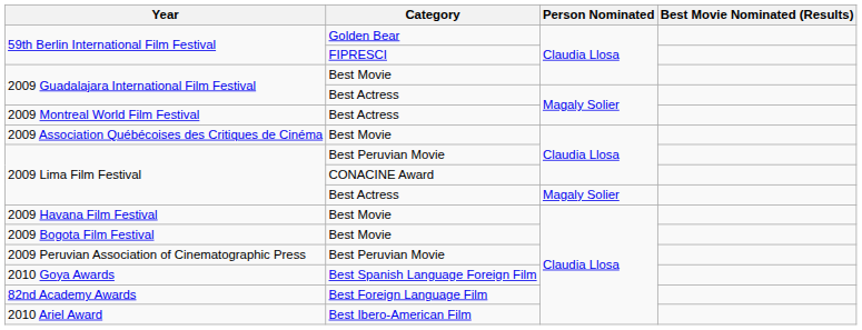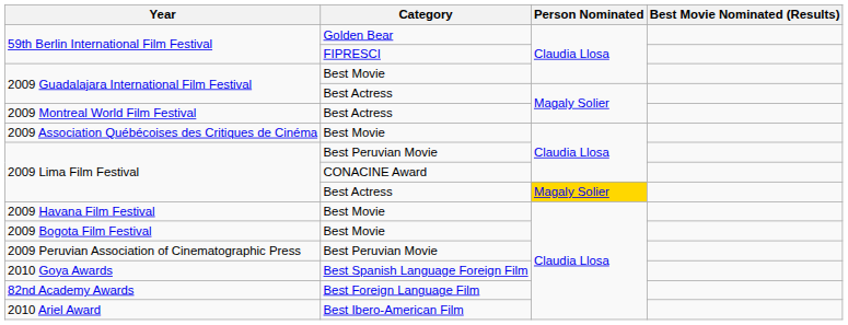 <table class="wikitable" style="font-size:90%;">
 <tr>
 <th>Year</th>
 <th>Category</th>
 <th>Person Nominated</th>
 <th>Best Movie Nominated (Results)</th>
 </tr>
 <tr>
 <td rowspan="2"><a href='#'>59th Berlin International Film Festival</a></td>
 <td><a href='#'>Golden Bear</a></td>
 <td rowspan="3"><a href='#'>Claudia Llosa</a></td>
 <td></td>
 </tr>
 <tr>
 <td><a href='#'>FIPRESCI</a></td>
 <td></td>
 </tr>
 <tr>
 <td rowspan="2">2009 <a href='#'>Guadalajara International Film Festival</a></td>
 <td>Best Movie</td>
 <td></td>
 </tr>
 <tr>
 <td>Best Actress</td>
 <td rowspan="2"><a href='#'>Magaly Solier</a></td>
 <td></td>
 </tr>
 <tr>
 <td>2009 <a href='#'>Montreal World Film Festival</a></td>
 <td>Best Actress</td>
 <td></td>
 </tr>
 <tr>
 <td>2009 <a href='#'>Association Québécoises des Critiques de Cinéma</a></td>
 <td>Best Movie</td>
 <td rowspan="3"><a href='#'>Claudia Llosa</a></td>
 <td></td>
 </tr>
 <tr>
 <td rowspan="3">2009 Lima Film Festival</td>
 <td>Best Peruvian Movie</td>
 <td></td>
 </tr>
 <tr>
 <td>CONACINE Award</td>
 <td></td>
 </tr>
 <tr>
 <td>Best Actress</td>
-<td><a href='#'>Magaly Solier</a></td>
+<td style="background: gold;"><a href='#'>Magaly Solier</a></td>
 <td></td>
 </tr>
 <tr>
 <td>2009 <a href='#'>Havana Film Festival</a></td>
 <td>Best Movie</td>
 <td rowspan="6"><a href='#'>Claudia Llosa</a></td>
 <td></td>
 </tr>
 <tr>
 <td>2009 <a href='#'>Bogota Film Festival</a></td>
 <td>Best Movie</td>
 <td></td>
 </tr>
 <tr>
 <td>2009 Peruvian Association of Cinematographic Press</td>
 <td>Best Peruvian Movie</td>
 <td></td>
 </tr>
 <tr>
 <td>2010 <a href='#'>Goya Awards</a></td>
 <td><a href='#'>Best Spanish Language Foreign Film</a></td>
 <td></td>
 </tr>
 <tr>
 <td><a href='#'>82nd Academy Awards</a></td>
 <td><a href='#'>Best Foreign Language Film</a></td>
 <td></td>
 </tr>
 <tr>
 <td>2010 <a href='#'>Ariel Award</a></td>
 <td><a href='#'>Best Ibero-American Film</a></td>
 <td></td>
 </tr>
 </table>
